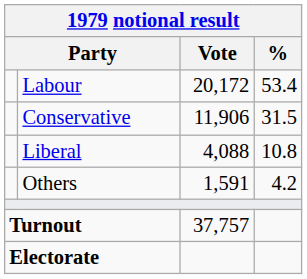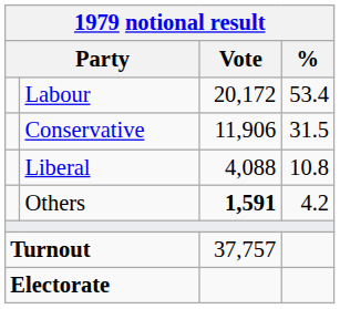 <table class="wikitable">
 <tr>
 <th colspan="4"><a href='#'>1979</a> <a href='#'>notional result</a></th>
 </tr>
 <tr>
 <th bgcolor="#DDDDFF" width="130px" colspan="2">Party</th>
 <th bgcolor="#DDDDFF" width="50px">Vote</th>
 <th bgcolor="#DDDDFF" width="30px">%</th>
 </tr>
 <tr>
 <td></td>
 <td><a href='#'>Labour</a></td>
 <td align=right>20,172</td>
 <td align=right>53.4</td>
 </tr>
 <tr>
 <td></td>
 <td><a href='#'>Conservative</a></td>
 <td align=right>11,906</td>
 <td align=right>31.5</td>
 </tr>
 <tr>
 <td></td>
 <td><a href='#'>Liberal</a></td>
 <td align=right>4,088</td>
 <td align=right>10.8</td>
 </tr>
 <tr>
 <td></td>
 <td>Others</td>
-<td align=right>1,591</td>
+<td align=right><strong>1,591</strong></td>
 <td align=right>4.2</td>
 </tr>
 <tr>
 <td colspan="4" bgcolor="#EAECF0"></td>
 </tr>
 <tr>
 <td colspan="2"><strong>Turnout</strong></td>
 <td align=right>37,757</td>
 <td align=right></td>
 </tr>
 <tr>
 <td colspan="2"><strong>Electorate</strong></td>
 <td align=right></td>
 </tr>
 </table>
